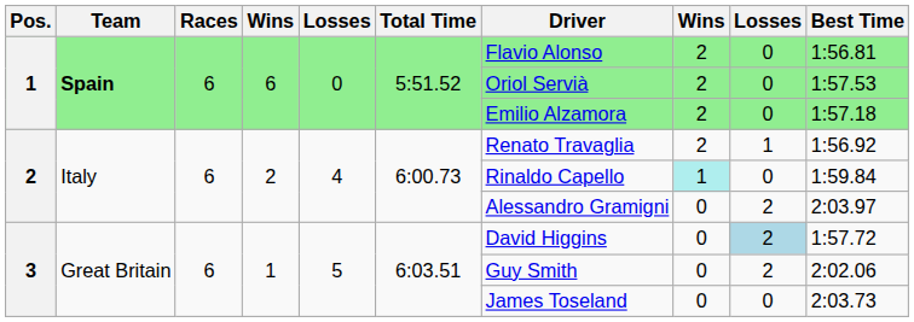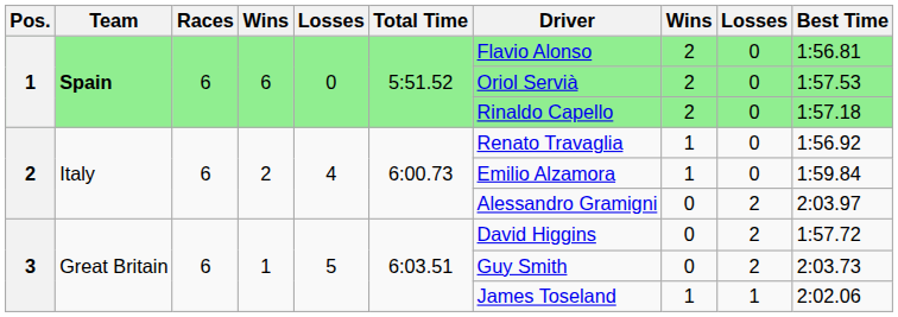 <table class="wikitable" style="font-size: 95%;">
 <tr>
 <th>Pos.</th>
 <th>Team</th>
 <th>Races</th>
 <th>Wins</th>
 <th>Losses</th>
 <th>Total Time</th>
 <th>Driver</th>
 <th>Wins</th>
 <th>Losses</th>
 <th>Best Time</th>
 </tr>
 <tr style="background:lightgreen;">
 <th rowspan=3>1</th>
 <td rowspan=3> <strong>Spain</strong></td>
 <td rowspan=3 align=center>6</td>
 <td rowspan=3 align=center>6</td>
 <td rowspan=3 align=center>0</td>
 <td rowspan=3 align=center>5:51.52</td>
 <td> <a href='#'>Flavio Alonso</a></td>
 <td align=center>2</td>
 <td align=center>0</td>
 <td>1:56.81</td>
 </tr>
 <tr style="background:lightgreen;">
 <td> <a href='#'>Oriol Servià</a></td>
 <td align=center>2</td>
 <td align=center>0</td>
 <td>1:57.53</td>
 </tr>
 <tr style="background:lightgreen;">
-<td> <a href='#'>Emilio Alzamora</a></td>
+<td> <a href='#'>Rinaldo Capello</a></td>
 <td align=center>2</td>
 <td align=center>0</td>
 <td>1:57.18</td>
 </tr>
 <tr>
 <th rowspan=3>2</th>
 <td rowspan=3>  Italy</td>
 <td rowspan=3 align=center>6</td>
 <td rowspan=3 align=center>2</td>
 <td rowspan=3 align=center>4</td>
 <td rowspan=3 align=center>6:00.73</td>
 <td> <a href='#'>Renato Travaglia</a></td>
-<td align=center>2</td>
 <td align=center>1</td>
+<td align=center>0</td>
 <td>1:56.92</td>
 </tr>
 <tr>
-<td> <a href='#'>Rinaldo Capello</a></td>
-<td align=center style="background: paleturquoise;">1</td>
+<td> <a href='#'>Emilio Alzamora</a></td>
+<td align=center>1</td>
 <td align=center>0</td>
 <td>1:59.84</td>
 </tr>
 <tr>
 <td> <a href='#'>Alessandro Gramigni</a></td>
 <td align=center>0</td>
 <td align=center>2</td>
 <td>2:03.97</td>
 </tr>
 <tr>
 <th rowspan=3>3</th>
 <td rowspan=3> Great Britain</td>
 <td rowspan=3 align=center>6</td>
 <td rowspan=3 align=center>1</td>
 <td rowspan=3 align=center>5</td>
 <td rowspan=3 align=center>6:03.51</td>
 <td> <a href='#'>David Higgins</a></td>
 <td align=center>0</td>
-<td align=center style="background: lightblue;">2</td>
+<td align=center>2</td>
 <td>1:57.72</td>
 </tr>
 <tr>
 <td> <a href='#'>Guy Smith</a></td>
 <td align=center>0</td>
 <td align=center>2</td>
-<td>2:02.06</td>
+<td>2:03.73</td>
 </tr>
 <tr>
 <td> <a href='#'>James Toseland</a></td>
-<td align=center>0</td>
-<td align=center>0</td>
-<td>2:03.73</td>
+<td align=center>1</td>
+<td align=center>1</td>
+<td>2:02.06</td>
 </tr>
 </table>
